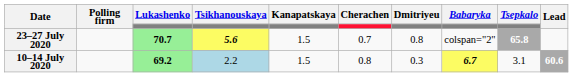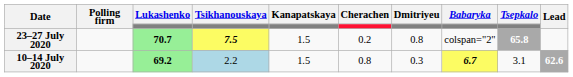 <table class="wikitable plainrowheaders" style="text-align:center;line-height:13px">
 <tr style="height:30px; background-color:#E9E9E9">
 <th scope="col" rowspan="2">Date</th>
 <th scope="col" rowspan="2">Polling firm</th>
 <th scope="col"><a href='#'>Lukashenko</a></th>
 <th scope="col"><a href='#'>Tsikhanouskaya</a></th>
 <th scope="col">Kanapatskaya</th>
 <th scope="col">Cherachen</th>
 <th scope="col">Dmitriyeu</th>
 <th style="width:35px;"><em><a href='#'>Babaryka</a></em></th>
 <th style="width:35px;"><em><a href='#'>Tsepkalo</a></em></th>
 <th scope="col" rowspan="2">Lead</th>
 </tr>
 <tr>
 <th scope="col" style="background:grey;"></th>
 <th scope="col" style="background:grey;"></th>
 <th scope="col" style="background:grey;"></th>
 <th scope="col" style="background:#FF1133;"></th>
 <th scope="col" style="background:grey;"></th>
 <th scope="col" style="background:grey;"></th>
 <th scope="col" style="background:grey;"></th>
 </tr>
 <tr>
 <th scope="row">23–27 July 2020</th>
 <td></td>
 <td style="background:#97ef97"><strong>70.7</strong></td>
-<td style="background:#fcfc63"><strong><em>5.6</em></strong></td>
+<td style="background:#fcfc63"><strong><em>7.5</em></strong></td>
 <td>1.5</td>
-<td>0.7</td>
+<td>0.2</td>
 <td>0.8</td>
 <td>colspan="2" </td>
 <td style="background:darkgrey; color:white;"><strong>65.8</strong></td>
 </tr>
 <tr>
 <th scope="row">10–14 July 2020</th>
 <td></td>
 <td style="background:#97ef97"><strong>69.2</strong></td>
 <td style="background: lightblue;">2.2</td>
 <td>1.5</td>
 <td>0.8</td>
 <td>0.3</td>
 <td style="background:#fcfc63"><strong><em>6.7</em></strong></td>
 <td>3.1</td>
-<td style="background:darkgrey; color:white;"><strong>60.6</strong></td>
+<td style="background:darkgrey; color:white;"><strong>62.6</strong></td>
 </tr>
 </table>
